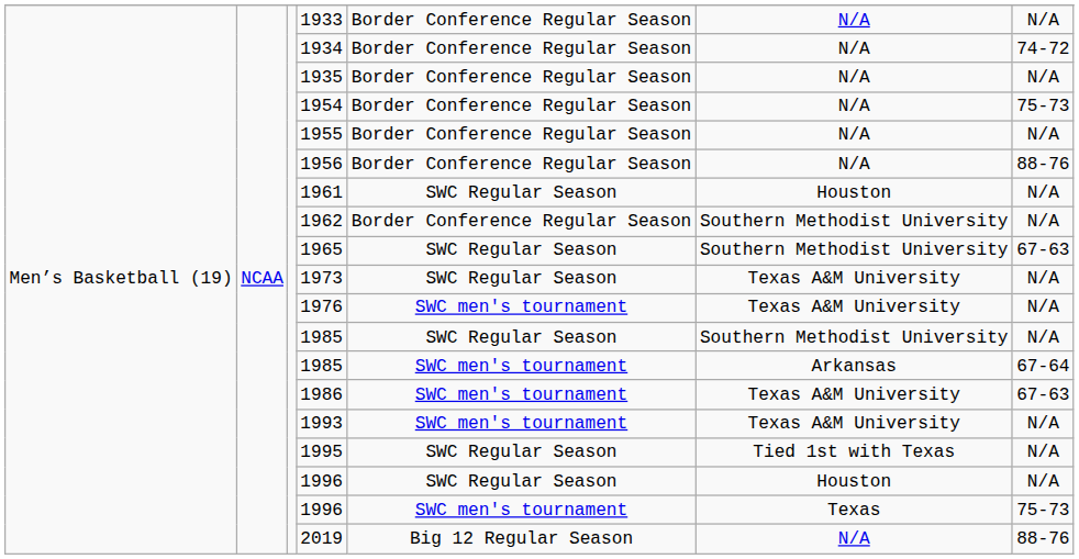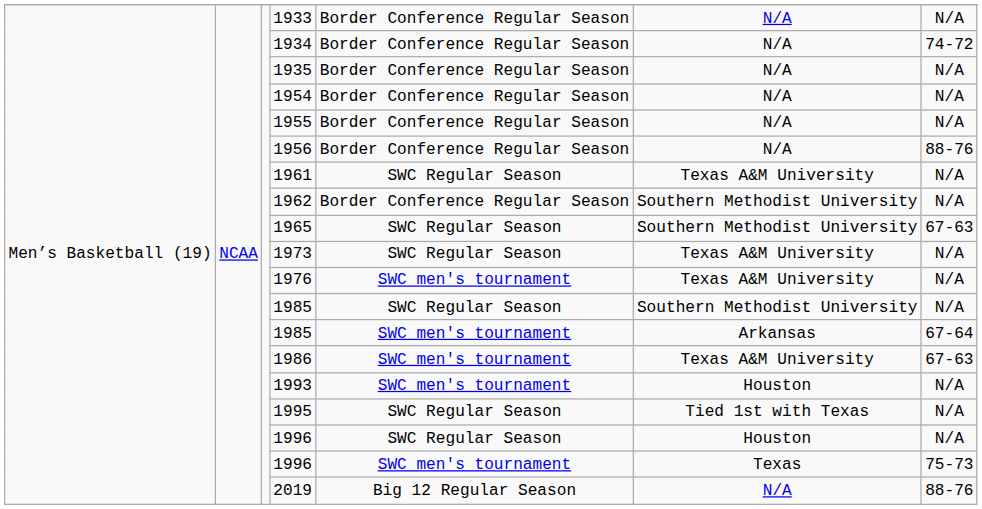 <table class="wikitable">
 <tr align="center">
 </tr>
 <tr align="center">
 <td rowspan="20">Men’s Basketball (19)</td>
 <td rowspan="20"><a href='#'>NCAA</a></td>
 <td rowspan="20"></td>
 </tr>
 <tr align="center">
 <td>1933</td>
 <td>Border Conference Regular Season</td>
 <td><a href='#'>N/A </a></td>
 <td>N/A</td>
 </tr>
 <tr align="center">
 <td>1934</td>
 <td>Border Conference Regular Season</td>
 <td>N/A</td>
 <td>74-72</td>
 </tr>
 <tr align="center">
 <td>1935</td>
 <td>Border Conference Regular Season</td>
 <td>N/A</td>
 <td>N/A</td>
 </tr>
 <tr align="center">
 <td>1954</td>
 <td>Border Conference Regular Season</td>
 <td>N/A</td>
-<td>75-73</td>
+<td>N/A</td>
 </tr>
 <tr align="center">
 <td>1955</td>
 <td>Border Conference Regular Season</td>
 <td>N/A</td>
 <td>N/A</td>
 </tr>
 <tr align="center">
 <td>1956</td>
 <td>Border Conference Regular Season</td>
 <td>N/A</td>
 <td>88-76</td>
 </tr>
 <tr align="center">
 <td>1961</td>
 <td>SWC Regular Season</td>
-<td>Houston</td>
+<td>Texas A&M University</td>
 <td>N/A</td>
 </tr>
 <tr align="center">
 <td>1962</td>
 <td>Border Conference Regular Season</td>
 <td>Southern Methodist University</td>
 <td>N/A</td>
 </tr>
 <tr align="center">
 <td>1965</td>
 <td>SWC Regular Season</td>
 <td>Southern Methodist University</td>
 <td>67-63</td>
 </tr>
 <tr align="center">
 <td>1973</td>
 <td>SWC Regular Season</td>
 <td>Texas A&M University</td>
 <td>N/A</td>
 </tr>
 <tr align="center">
 <td>1976</td>
 <td><a href='#'>SWC men's tournament</a></td>
 <td>Texas A&M University</td>
 <td>N/A</td>
 </tr>
 <tr align="center">
 <td>1985</td>
 <td>SWC Regular Season</td>
 <td>Southern Methodist University</td>
 <td>N/A</td>
 </tr>
 <tr align="center">
 <td>1985</td>
 <td><a href='#'>SWC men's tournament</a></td>
 <td>Arkansas</td>
 <td>67-64</td>
 </tr>
 <tr align="center">
 <td>1986</td>
 <td><a href='#'>SWC men's tournament</a></td>
 <td>Texas A&M University</td>
 <td>67-63</td>
 </tr>
 <tr align="center">
 <td>1993</td>
 <td><a href='#'>SWC men's tournament</a></td>
-<td>Texas A&M University</td>
+<td>Houston</td>
 <td>N/A</td>
 </tr>
 <tr align="center">
 <td>1995</td>
 <td>SWC Regular Season</td>
 <td>Tied 1st with Texas</td>
 <td>N/A</td>
 </tr>
 <tr align="center">
 <td>1996</td>
 <td>SWC Regular Season</td>
 <td>Houston</td>
 <td>N/A</td>
 </tr>
 <tr align="center">
 <td>1996</td>
 <td><a href='#'>SWC men's tournament</a></td>
 <td>Texas</td>
 <td>75-73</td>
 </tr>
 <tr align="center">
 <td>2019</td>
 <td>Big 12 Regular Season</td>
 <td><a href='#'>N/A </a></td>
 <td>88-76</td>
 </tr>
 </table>
